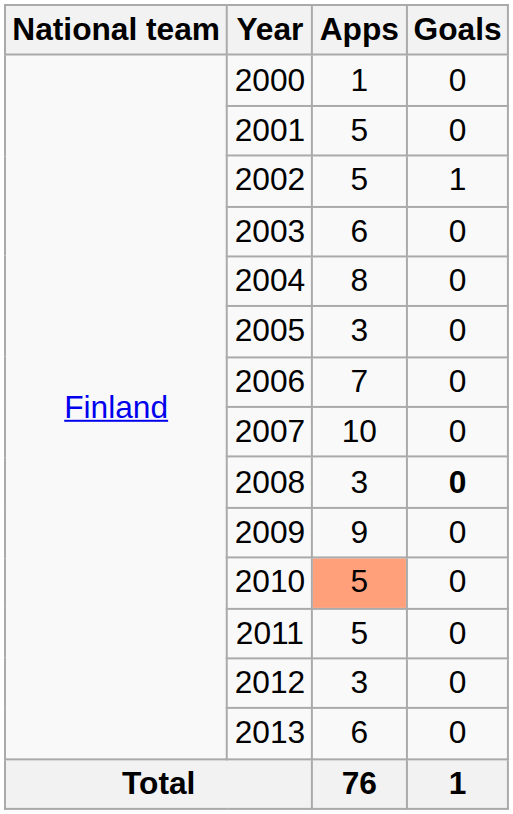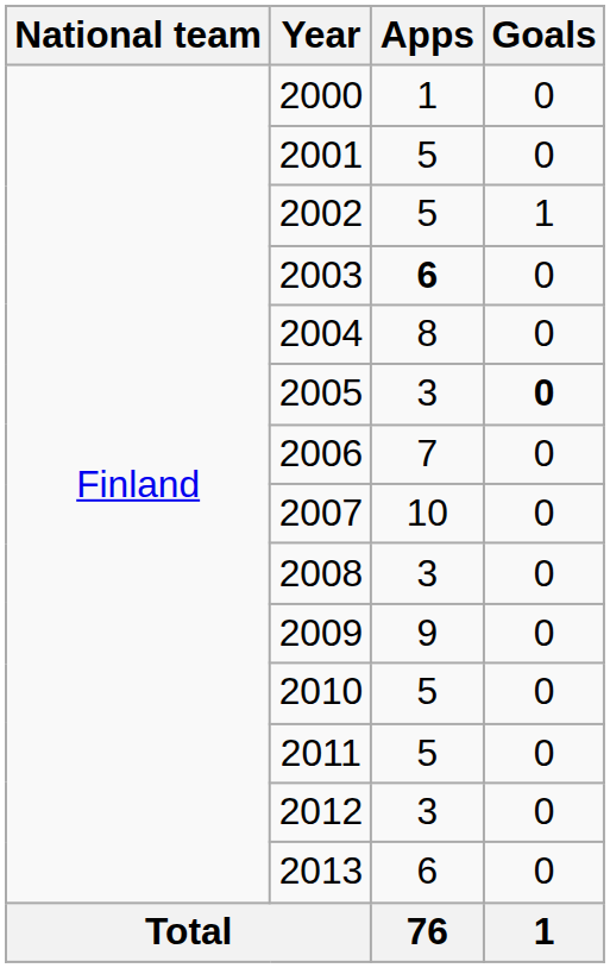 <table class="wikitable" style="text-align:center">
 <tr>
 <th>National team</th>
 <th>Year</th>
 <th>Apps</th>
 <th>Goals</th>
 </tr>
 <tr>
 <td rowspan="14"><a href='#'>Finland</a></td>
 <td>2000</td>
 <td>1</td>
 <td>0</td>
 </tr>
 <tr>
 <td>2001</td>
 <td>5</td>
 <td>0</td>
 </tr>
 <tr>
 <td>2002</td>
 <td>5</td>
 <td>1</td>
 </tr>
 <tr>
 <td>2003</td>
-<td>6</td>
+<td><strong>6</strong></td>
 <td>0</td>
 </tr>
 <tr>
 <td>2004</td>
 <td>8</td>
 <td>0</td>
 </tr>
 <tr>
 <td>2005</td>
 <td>3</td>
-<td>0</td>
+<td><strong>0</strong></td>
 </tr>
 <tr>
 <td>2006</td>
 <td>7</td>
 <td>0</td>
 </tr>
 <tr>
 <td>2007</td>
 <td>10</td>
 <td>0</td>
 </tr>
 <tr>
 <td>2008</td>
 <td>3</td>
-<td><strong>0</strong></td>
+<td>0</td>
 </tr>
 <tr>
 <td>2009</td>
 <td>9</td>
 <td>0</td>
 </tr>
 <tr>
 <td>2010</td>
-<td style="background: lightsalmon;">5</td>
+<td>5</td>
 <td>0</td>
 </tr>
 <tr>
 <td>2011</td>
 <td>5</td>
 <td>0</td>
 </tr>
 <tr>
 <td>2012</td>
 <td>3</td>
 <td>0</td>
 </tr>
 <tr>
 <td>2013</td>
 <td>6</td>
 <td>0</td>
 </tr>
 <tr>
 <th colspan="2">Total</th>
 <th>76</th>
 <th>1</th>
 </tr>
 </table>
